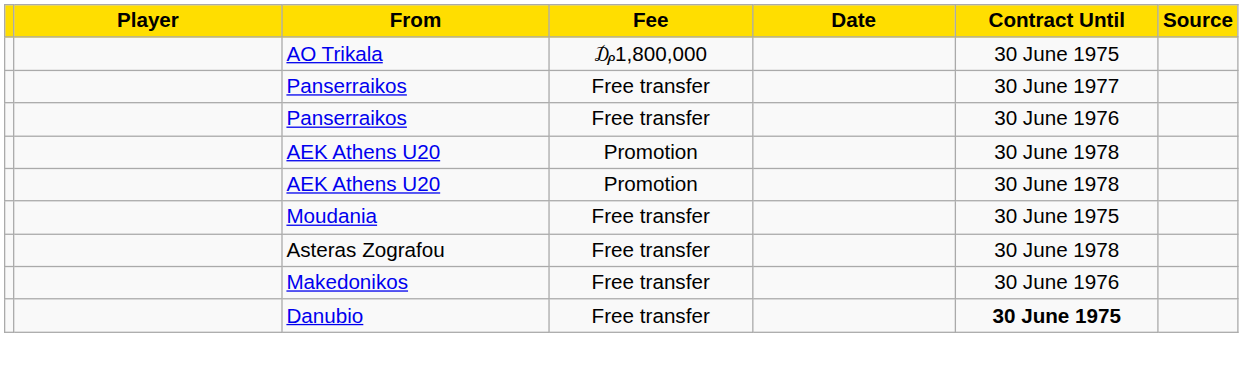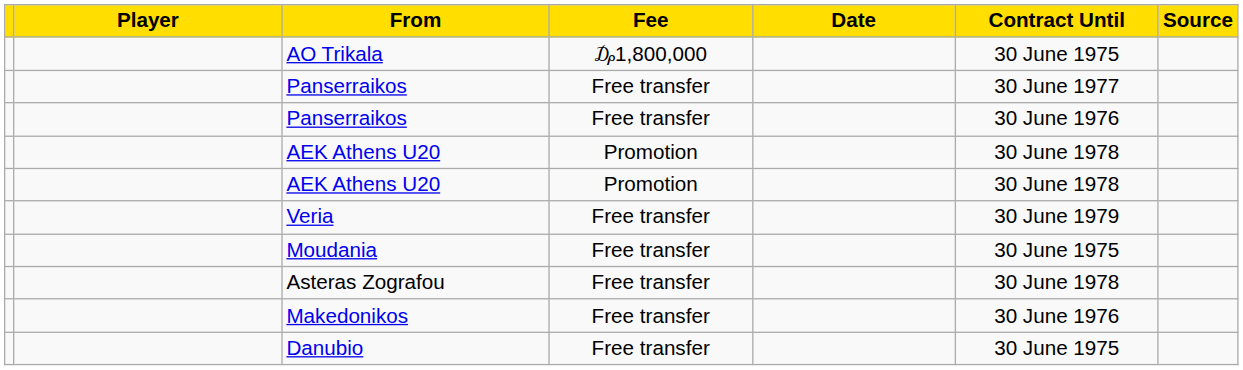 <table class="wikitable sortable">
 <tr>
 <th style="background:#FFDE00"></th>
 <th width=200 style="background:#FFDE00">Player</th>
 <th width=200 style="background:#FFDE00">From</th>
 <th width=150 style="background:#FFDE00">Fee</th>
 <th width=150 style="background:#FFDE00">Date</th>
 <th width=150 style="background:#FFDE00">Contract Until</th>
 <th style="background:#FFDE00">Source</th>
 </tr>
 <tr>
 <td align=center></td>
 <td></td>
 <td> <a href='#'>AO Trikala</a></td>
 <td align=center>₯1,800,000</td>
 <td align=center></td>
 <td align=center>30 June 1975</td>
 <td align=center></td>
 </tr>
 <tr>
 <td align=center></td>
 <td></td>
 <td> <a href='#'>Panserraikos</a></td>
 <td align=center>Free transfer</td>
 <td align=center></td>
 <td align=center>30 June 1977</td>
 <td align=center></td>
 </tr>
 <tr>
 <td align=center></td>
 <td></td>
 <td> <a href='#'>Panserraikos</a></td>
 <td align=center>Free transfer</td>
 <td align=center></td>
 <td align=center>30 June 1976</td>
 <td align=center></td>
 </tr>
 <tr>
 <td align=center></td>
 <td></td>
 <td> <a href='#'>AEK Athens U20</a></td>
 <td align=center>Promotion</td>
 <td align=center></td>
 <td align=center>30 June 1978</td>
 <td align=center></td>
 </tr>
 <tr>
 <td align=center></td>
 <td></td>
 <td> <a href='#'>AEK Athens U20</a></td>
 <td align=center>Promotion</td>
 <td align=center></td>
 <td align=center>30 June 1978</td>
 <td align=center></td>
 </tr>
 <tr>
 <td align=center></td>
 <td></td>
+<td> <a href='#'>Veria</a></td>
+<td align=center>Free transfer</td>
+<td align=center></td>
+<td align=center>30 June 1979</td>
+<td align=center></td>
+</tr>
+<tr>
+<td align=center></td>
+<td></td>
 <td> <a href='#'>Moudania</a></td>
 <td align=center>Free transfer</td>
 <td align=center></td>
 <td align=center>30 June 1975</td>
 <td align=center></td>
 </tr>
 <tr>
 <td align=center></td>
 <td></td>
 <td> Asteras Zografou</td>
 <td align=center>Free transfer</td>
 <td align=center></td>
 <td align=center>30 June 1978</td>
 <td align=center></td>
 </tr>
 <tr>
 <td align=center></td>
 <td></td>
 <td> <a href='#'>Makedonikos</a></td>
 <td align=center>Free transfer</td>
 <td align=center></td>
 <td align=center>30 June 1976</td>
 <td align=center></td>
 </tr>
 <tr>
 <td align=center></td>
 <td></td>
 <td> <a href='#'>Danubio</a></td>
 <td align=center>Free transfer</td>
 <td align=center></td>
-<td align=center><strong>30 June 1975</strong></td>
+<td align=center>30 June 1975</td>
 <td align=center></td>
 </tr>
 </table>
